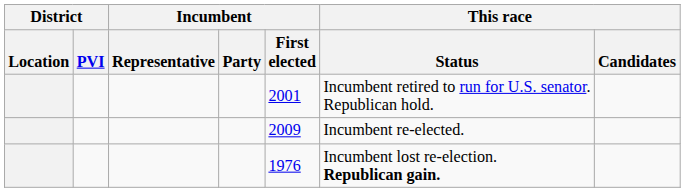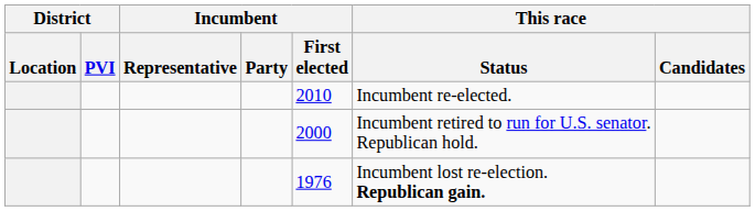 <table class="wikitable sortable">
 <tr valign=bottom>
 <th colspan=2>District</th>
 <th colspan=3>Incumbent</th>
 <th colspan=2>This race</th>
 </tr>
 <tr valign=bottom>
 <th>Location</th>
 <th><a href='#'>PVI</a></th>
 <th>Representative</th>
 <th>Party</th>
 <th>First<br>elected</th>
 <th>Status</th>
 <th>Candidates</th>
 </tr>
 <tr>
 <th></th>
 <td></td>
 <td></td>
 <td></td>
-<td><a href='#'>2001</a></td>
-<td>Incumbent retired to <a href='#'>run for U.S. senator</a>.<br>Republican hold.</td>
+<td><a href='#'>2010</a></td>
+<td>Incumbent re-elected.</td>
 <td nowrap></td>
 </tr>
 <tr>
 <th></th>
 <td></td>
 <td></td>
 <td></td>
-<td><a href='#'>2009</a></td>
-<td>Incumbent re-elected.</td>
+<td><a href='#'>2000</a></td>
+<td>Incumbent retired to <a href='#'>run for U.S. senator</a>.<br>Republican hold.</td>
 <td nowrap></td>
 </tr>
 <tr>
 <th></th>
 <td></td>
 <td></td>
 <td></td>
 <td><a href='#'>1976</a></td>
 <td>Incumbent lost re-election.<br><strong>Republican gain.</strong></td>
 <td nowrap></td>
 </tr>
 </table>
